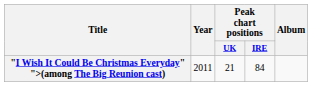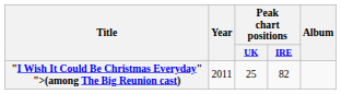 <table class="wikitable plainrowheaders" style="text-align:center;" border="1">
 <tr>
 <th scope="col" rowspan="2" style="width:19em;">Title</th>
 <th scope="col" rowspan="2">Year</th>
 <th scope="col" colspan="2">Peak<br>chart<br>positions</th>
 <th scope="col" rowspan="2">Album</th>
 </tr>
 <tr>
 <th scope="col" style="width:3em;font-size:90%;"><a href='#'>UK</a><br></th>
 <th scope="col" style="width:3em;font-size:90%;"><a href='#'>IRE</a><br></th>
 </tr>
 <tr>
 <th scope="row">"<a href='#'>I Wish It Could Be Christmas Everyday</a>"<br><span>">(among <a href='#'>The Big Reunion cast</a>)</span></th>
 <td>2011</td>
-<td>21</td>
-<td>84</td>
+<td>25</td>
+<td>82</td>
 <td></td>
 </tr>
 </table>
